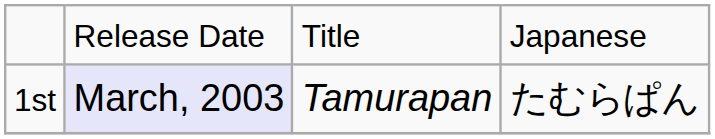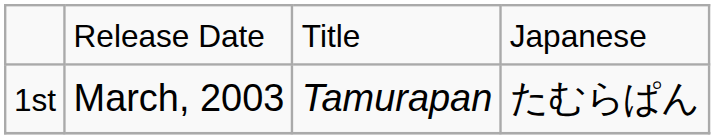 <table class="wikitable">
 <tr>
 <td> </td>
 <td><small>Release Date</small></td>
 <td><small>Title</small></td>
 <td><small>Japanese</small></td>
 </tr>
 <tr>
 <td><small>1st</small></td>
-<td style="background: lavender;">March, 2003</td>
+<td>March, 2003</td>
 <td><em>Tamurapan</em></td>
 <td>たむらぱん</td>
 </tr>
 <tr>
 </tr>
 </table>
